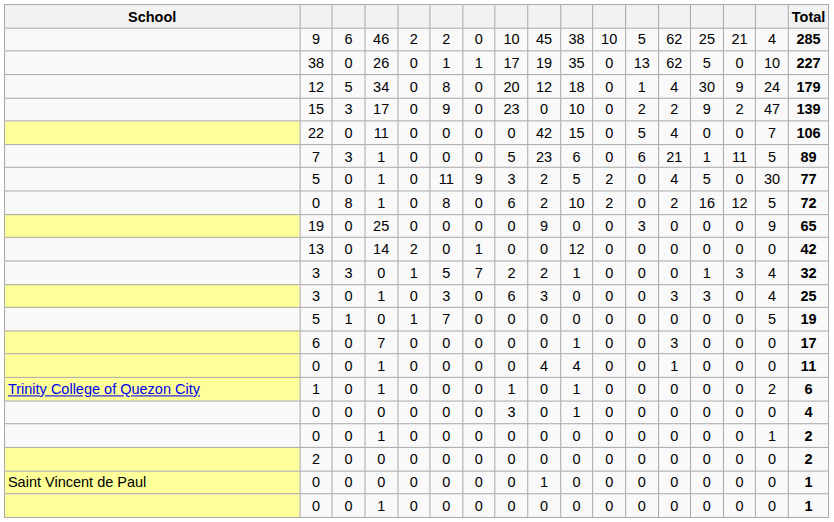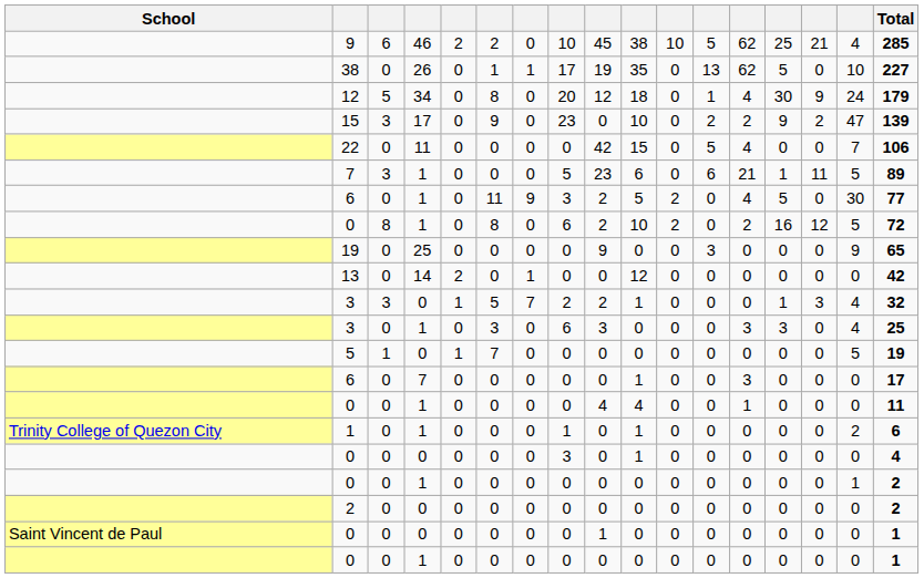 <table class="wikitable sortable" style="font-size:88%;">
 <tr>
 <th width=280px>School</th>
 <th width=25px></th>
 <th width=25px></th>
 <th width=25px></th>
 <th width=25px></th>
 <th width=25px></th>
 <th width=25px></th>
 <th width=25px></th>
 <th width=25px></th>
 <th width=25px></th>
 <th width=25px></th>
 <th width=25px></th>
 <th width=25px></th>
 <th width=25px></th>
 <th width=25px></th>
 <th width=25px></th>
 <th width=25px>Total</th>
 </tr>
 <tr align="center">
 <td align="left"></td>
 <td>9</td>
 <td>6</td>
 <td>46</td>
 <td>2</td>
 <td>2</td>
 <td>0</td>
 <td>10</td>
 <td>45</td>
 <td>38</td>
 <td>10</td>
 <td>5</td>
 <td>62</td>
 <td>25</td>
 <td>21</td>
 <td>4</td>
 <td><strong>285</strong></td>
 </tr>
 <tr align="center">
 <td align="left"></td>
 <td>38</td>
 <td>0</td>
 <td>26</td>
 <td>0</td>
 <td>1</td>
 <td>1</td>
 <td>17</td>
 <td>19</td>
 <td>35</td>
 <td>0</td>
 <td>13</td>
 <td>62</td>
 <td>5</td>
 <td>0</td>
 <td>10</td>
 <td><strong>227</strong></td>
 </tr>
 <tr align="center">
 <td align="left"></td>
 <td>12</td>
 <td>5</td>
 <td>34</td>
 <td>0</td>
 <td>8</td>
 <td>0</td>
 <td>20</td>
 <td>12</td>
 <td>18</td>
 <td>0</td>
 <td>1</td>
 <td>4</td>
 <td>30</td>
 <td>9</td>
 <td>24</td>
 <td><strong>179</strong></td>
 </tr>
 <tr align="center">
 <td align="left"></td>
 <td>15</td>
 <td>3</td>
 <td>17</td>
 <td>0</td>
 <td>9</td>
 <td>0</td>
 <td>23</td>
 <td>0</td>
 <td>10</td>
 <td>0</td>
 <td>2</td>
 <td>2</td>
 <td>9</td>
 <td>2</td>
 <td>47</td>
 <td><strong>139</strong></td>
 </tr>
 <tr align="center">
 <td bgcolor=#FFFF99 align="left"></td>
 <td>22</td>
 <td>0</td>
 <td>11</td>
 <td>0</td>
 <td>0</td>
 <td>0</td>
 <td>0</td>
 <td>42</td>
 <td>15</td>
 <td>0</td>
 <td>5</td>
 <td>4</td>
 <td>0</td>
 <td>0</td>
 <td>7</td>
 <td><strong>106</strong></td>
 </tr>
 <tr align="center">
 <td align="left"></td>
 <td>7</td>
 <td>3</td>
 <td>1</td>
 <td>0</td>
 <td>0</td>
 <td>0</td>
 <td>5</td>
 <td>23</td>
 <td>6</td>
 <td>0</td>
 <td>6</td>
 <td>21</td>
 <td>1</td>
 <td>11</td>
 <td>5</td>
 <td><strong>89</strong></td>
 </tr>
 <tr align="center">
 <td align="left"></td>
-<td>5</td>
+<td>6</td>
 <td>0</td>
 <td>1</td>
 <td>0</td>
 <td>11</td>
 <td>9</td>
 <td>3</td>
 <td>2</td>
 <td>5</td>
 <td>2</td>
 <td>0</td>
 <td>4</td>
 <td>5</td>
 <td>0</td>
 <td>30</td>
 <td><strong>77</strong></td>
 </tr>
 <tr align="center">
 <td align="left"></td>
 <td>0</td>
 <td>8</td>
 <td>1</td>
 <td>0</td>
 <td>8</td>
 <td>0</td>
 <td>6</td>
 <td>2</td>
 <td>10</td>
 <td>2</td>
 <td>0</td>
 <td>2</td>
 <td>16</td>
 <td>12</td>
 <td>5</td>
 <td><strong>72</strong></td>
 </tr>
 <tr align="center">
 <td bgcolor=#FFFF99 align="left"></td>
 <td>19</td>
 <td>0</td>
 <td>25</td>
 <td>0</td>
 <td>0</td>
 <td>0</td>
 <td>0</td>
 <td>9</td>
 <td>0</td>
 <td>0</td>
 <td>3</td>
 <td>0</td>
 <td>0</td>
 <td>0</td>
 <td>9</td>
 <td><strong>65</strong></td>
 </tr>
 <tr align="center">
 <td align="left"></td>
 <td>13</td>
 <td>0</td>
 <td>14</td>
 <td>2</td>
 <td>0</td>
 <td>1</td>
 <td>0</td>
 <td>0</td>
 <td>12</td>
 <td>0</td>
 <td>0</td>
 <td>0</td>
 <td>0</td>
 <td>0</td>
 <td>0</td>
 <td><strong>42</strong></td>
 </tr>
 <tr align="center">
 <td align="left"></td>
 <td>3</td>
 <td>3</td>
 <td>0</td>
 <td>1</td>
 <td>5</td>
 <td>7</td>
 <td>2</td>
 <td>2</td>
 <td>1</td>
 <td>0</td>
 <td>0</td>
 <td>0</td>
 <td>1</td>
 <td>3</td>
 <td>4</td>
 <td><strong>32</strong></td>
 </tr>
 <tr align="center">
 <td bgcolor=#FFFF99 align="left"></td>
 <td>3</td>
 <td>0</td>
 <td>1</td>
 <td>0</td>
 <td>3</td>
 <td>0</td>
 <td>6</td>
 <td>3</td>
 <td>0</td>
 <td>0</td>
 <td>0</td>
 <td>3</td>
 <td>3</td>
 <td>0</td>
 <td>4</td>
 <td><strong>25</strong></td>
 </tr>
 <tr align="center">
 <td align="left"></td>
 <td>5</td>
 <td>1</td>
 <td>0</td>
 <td>1</td>
 <td>7</td>
 <td>0</td>
 <td>0</td>
 <td>0</td>
 <td>0</td>
 <td>0</td>
 <td>0</td>
 <td>0</td>
 <td>0</td>
 <td>0</td>
 <td>5</td>
 <td><strong>19</strong></td>
 </tr>
 <tr align="center">
 <td bgcolor=#FFFF99 align="left"></td>
 <td>6</td>
 <td>0</td>
 <td>7</td>
 <td>0</td>
 <td>0</td>
 <td>0</td>
 <td>0</td>
 <td>0</td>
 <td>1</td>
 <td>0</td>
 <td>0</td>
 <td>3</td>
 <td>0</td>
 <td>0</td>
 <td>0</td>
 <td><strong>17</strong></td>
 </tr>
 <tr align="center">
 <td bgcolor=#FFFF99 align="left"></td>
 <td>0</td>
 <td>0</td>
 <td>1</td>
 <td>0</td>
 <td>0</td>
 <td>0</td>
 <td>0</td>
 <td>4</td>
 <td>4</td>
 <td>0</td>
 <td>0</td>
 <td>1</td>
 <td>0</td>
 <td>0</td>
 <td>0</td>
 <td><strong>11</strong></td>
 </tr>
 <tr align="center">
 <td bgcolor=#FFFF99 align="left"> <a href='#'>Trinity College of Quezon City</a></td>
 <td>1</td>
 <td>0</td>
 <td>1</td>
 <td>0</td>
 <td>0</td>
 <td>0</td>
 <td>1</td>
 <td>0</td>
 <td>1</td>
 <td>0</td>
 <td>0</td>
 <td>0</td>
 <td>0</td>
 <td>0</td>
 <td>2</td>
 <td><strong>6</strong></td>
 </tr>
 <tr align="center">
 <td align="left"></td>
 <td>0</td>
 <td>0</td>
 <td>0</td>
 <td>0</td>
 <td>0</td>
 <td>0</td>
 <td>3</td>
 <td>0</td>
 <td>1</td>
 <td>0</td>
 <td>0</td>
 <td>0</td>
 <td>0</td>
 <td>0</td>
 <td>0</td>
 <td><strong>4</strong></td>
 </tr>
 <tr align="center">
 <td align="left"></td>
 <td>0</td>
 <td>0</td>
 <td>1</td>
 <td>0</td>
 <td>0</td>
 <td>0</td>
 <td>0</td>
 <td>0</td>
 <td>0</td>
 <td>0</td>
 <td>0</td>
 <td>0</td>
 <td>0</td>
 <td>0</td>
 <td>1</td>
 <td><strong>2</strong></td>
 </tr>
 <tr align="center">
 <td bgcolor=#FFFF99 align="left"></td>
 <td>2</td>
 <td>0</td>
 <td>0</td>
 <td>0</td>
 <td>0</td>
 <td>0</td>
 <td>0</td>
 <td>0</td>
 <td>0</td>
 <td>0</td>
 <td>0</td>
 <td>0</td>
 <td>0</td>
 <td>0</td>
 <td>0</td>
 <td><strong>2</strong></td>
 </tr>
 <tr align="center">
 <td bgcolor=#FFFF99 align="left"> Saint Vincent de Paul</td>
 <td>0</td>
 <td>0</td>
 <td>0</td>
 <td>0</td>
 <td>0</td>
 <td>0</td>
 <td>0</td>
 <td>1</td>
 <td>0</td>
 <td>0</td>
 <td>0</td>
 <td>0</td>
 <td>0</td>
 <td>0</td>
 <td>0</td>
 <td><strong>1</strong></td>
 </tr>
 <tr align="center">
 <td bgcolor=#FFFF99 align="left"></td>
 <td>0</td>
 <td>0</td>
 <td>1</td>
 <td>0</td>
 <td>0</td>
 <td>0</td>
 <td>0</td>
 <td>0</td>
 <td>0</td>
 <td>0</td>
 <td>0</td>
 <td>0</td>
 <td>0</td>
 <td>0</td>
 <td>0</td>
 <td><strong>1</strong></td>
 </tr>
 </table>
